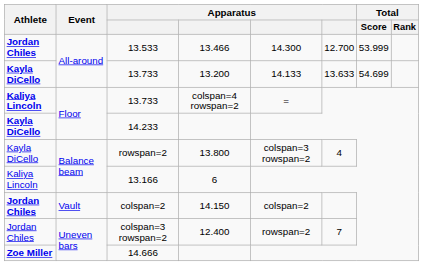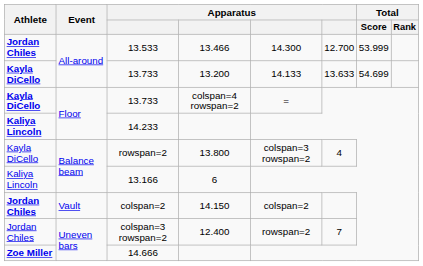 <table class=wikitable style=font-size:90%;text-align:center>
 <tr>
 <th rowspan=2>Athlete</th>
 <th rowspan=2>Event</th>
 <th colspan=4>Apparatus</th>
 <th colspan=2>Total</th>
 </tr>
 <tr style=font-size:95%>
 <th></th>
 <th></th>
 <th></th>
 <th></th>
 <th>Score</th>
 <th>Rank</th>
 </tr>
 <tr>
 <td align=left><strong><a href='#'>Jordan Chiles</a></strong></td>
 <td align=left rowspan=2><a href='#'>All-around</a></td>
 <td>13.533</td>
 <td>13.466</td>
 <td>14.300</td>
 <td>12.700</td>
 <td>53.999</td>
 <td></td>
 </tr>
 <tr>
 <td align=left><strong><a href='#'>Kayla DiCello</a></strong></td>
 <td>13.733</td>
 <td>13.200</td>
 <td>14.133</td>
 <td>13.633</td>
 <td>54.699</td>
 <td></td>
 </tr>
 <tr>
-<td align=left><strong><a href='#'>Kaliya Lincoln</a></strong></td>
+<td align=left><strong><a href='#'>Kayla DiCello</a></strong></td>
 <td align=left rowspan=2><a href='#'>Floor</a></td>
 <td>13.733</td>
 <td>colspan=4 rowspan=2 </td>
 <td>=</td>
 </tr>
 <tr>
-<td align=left><strong><a href='#'>Kayla DiCello</a></strong></td>
+<td align=left><strong><a href='#'>Kaliya Lincoln</a></strong></td>
 <td>14.233</td>
 <td></td>
 </tr>
 <tr>
 <td align=left><a href='#'>Kayla DiCello</a></td>
 <td align=left rowspan=2><a href='#'>Balance beam</a></td>
 <td>rowspan=2 </td>
 <td>13.800</td>
 <td>colspan=3 rowspan=2 </td>
 <td>4</td>
 </tr>
 <tr>
 <td align=left><a href='#'>Kaliya Lincoln</a></td>
 <td>13.166</td>
 <td>6</td>
 </tr>
 <tr>
 <td align=left><strong><a href='#'>Jordan Chiles</a></strong></td>
 <td align=left><a href='#'>Vault</a></td>
 <td>colspan=2 </td>
 <td>14.150</td>
 <td>colspan=2 </td>
 <td></td>
 </tr>
 <tr>
 <td align=left><a href='#'>Jordan Chiles</a></td>
 <td align=left rowspan=2><a href='#'>Uneven bars</a></td>
 <td>colspan=3 rowspan=2 </td>
 <td>12.400</td>
 <td>rowspan=2 </td>
 <td>7</td>
 </tr>
 <tr>
 <td align=left><strong><a href='#'>Zoe Miller</a></strong></td>
 <td>14.666</td>
 <td></td>
 </tr>
 </table>
